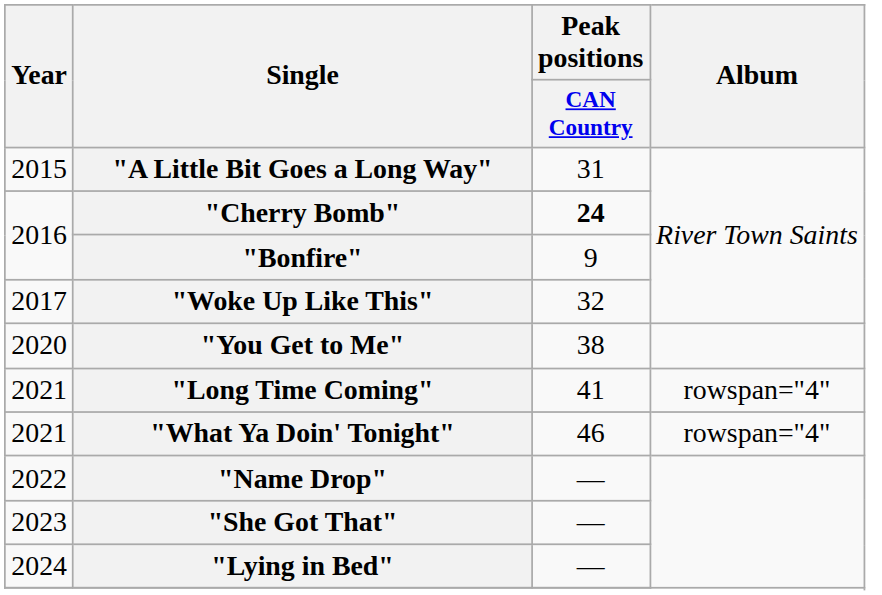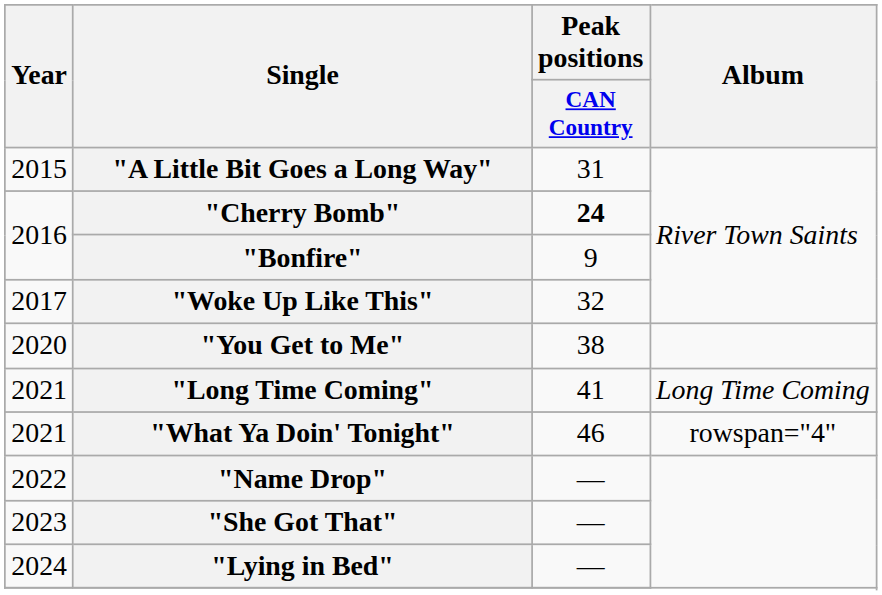 <table class="wikitable plainrowheaders" style="text-align:center;">
 <tr>
 <th rowspan="2">Year</th>
 <th rowspan="2" style="width:16em;">Single</th>
 <th>Peak<br>positions</th>
 <th rowspan="2">Album</th>
 </tr>
 <tr style="font-size:smaller;">
 <th><a href='#'>CAN<br>Country</a><br></th>
 </tr>
 <tr>
 <td>2015</td>
 <th scope="row">"A Little Bit Goes a Long Way"</th>
 <td>31</td>
 <td rowspan="4" style="text-align:left;"><em>River Town Saints</em></td>
 </tr>
 <tr>
 <td rowspan="2">2016</td>
 <th scope="row">"Cherry Bomb"</th>
 <td><strong>24</strong></td>
 </tr>
 <tr>
 <th scope="row">"Bonfire"</th>
 <td>9</td>
 </tr>
 <tr>
 <td>2017</td>
 <th scope="row">"Woke Up Like This"</th>
 <td>32</td>
 </tr>
 <tr>
 <td>2020</td>
 <th scope="row">"You Get to Me"</th>
 <td>38</td>
 <td></td>
 </tr>
 <tr>
 <td>2021</td>
 <th scope="row">"Long Time Coming"</th>
 <td>41</td>
-<td>rowspan="4" </td>
+<td style="text-align:left;"><em>Long Time Coming</em></td>
 </tr>
 <tr>
 <td>2021</td>
 <th scope="row">"What Ya Doin' Tonight"</th>
 <td>46</td>
 <td>rowspan="4" </td>
 </tr>
 <tr>
 <td>2022</td>
 <th scope="row">"Name Drop"</th>
 <td>⁠—</td>
 </tr>
 <tr>
 <td>2023</td>
 <th scope="row">"She Got That"</th>
 <td>⁠—</td>
 </tr>
 <tr>
 <td>2024</td>
 <th scope="row">"Lying in Bed" </th>
 <td>⁠—</td>
 </tr>
 <tr>
 </tr>
 </table>
